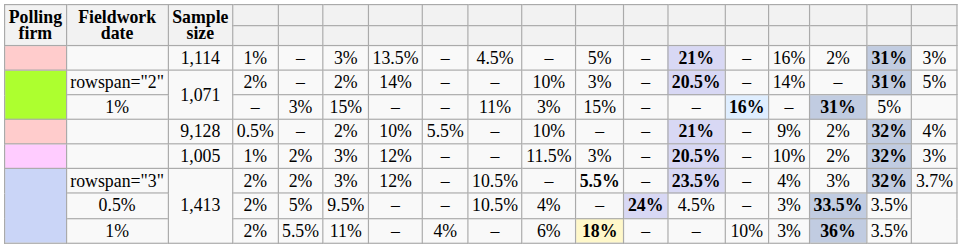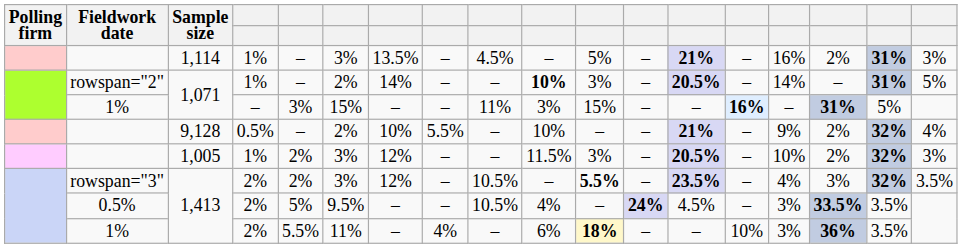 <table class="wikitable sortable" style="text-align:center;font-size:95%;line-height:14px;">
 <tr>
 <th rowspan="2">Polling<br>firm</th>
 <th rowspan="2">Fieldwork<br>date</th>
 <th rowspan="2">Sample<br>size</th>
 <th></th>
 <th></th>
 <th></th>
 <th></th>
 <th></th>
 <th></th>
 <th></th>
 <th></th>
 <th></th>
 <th></th>
 <th></th>
 <th></th>
 <th></th>
 <th></th>
 <th></th>
 </tr>
 <tr>
 <th style="background:"></th>
 <th style="background:"></th>
 <th style="background:"></th>
 <th style="background:"></th>
 <th style="background:"></th>
 <th style="background:"></th>
 <th style="background:"></th>
 <th style="background:"></th>
 <th style="background:"></th>
 <th style="background:"></th>
 <th style="background:"></th>
 <th style="background:"></th>
 <th style="background:"></th>
 <th style="background:"></th>
 <th style="background:"></th>
 </tr>
 <tr>
 <td style="background:#FFCCCC;"></td>
 <td></td>
 <td>1,114</td>
 <td>1%</td>
 <td>–</td>
 <td>3%</td>
 <td>13.5%</td>
 <td>–</td>
 <td>4.5%</td>
 <td>–</td>
 <td>5%</td>
 <td>–</td>
 <td style="background:#D8D8F4;"><strong>21%</strong></td>
 <td>–</td>
 <td>16%</td>
 <td>2%</td>
 <td style="background:#C1CCE1;"><strong>31%</strong></td>
 <td>3%</td>
 </tr>
 <tr>
 <td rowspan="2" style="background:GreenYellow;"></td>
 <td>rowspan="2" </td>
 <td rowspan="2">1,071</td>
-<td>2%</td>
+<td>1%</td>
 <td>–</td>
 <td>2%</td>
 <td>14%</td>
 <td>–</td>
 <td>–</td>
-<td>10%</td>
+<td><strong>10%</strong></td>
 <td>3%</td>
 <td>–</td>
 <td style="background:#D8D8F4;"><strong>20.5%</strong></td>
 <td>–</td>
 <td>14%</td>
 <td>–</td>
 <td style="background:#C1CCE1;"><strong>31%</strong></td>
 <td>5%</td>
 </tr>
 <tr>
 <td>1%</td>
 <td>–</td>
 <td>3%</td>
 <td>15%</td>
 <td>–</td>
 <td>–</td>
 <td>11%</td>
 <td>3%</td>
 <td>15%</td>
 <td>–</td>
 <td>–</td>
 <td style="background:#DFEEFF;"><strong>16%</strong></td>
 <td>–</td>
 <td style="background:#C1CCE1;"><strong>31%</strong></td>
 <td>5%</td>
 </tr>
 <tr>
 <td style="background:#FFCCCC;"></td>
 <td></td>
 <td>9,128</td>
 <td>0.5%</td>
 <td>–</td>
 <td>2%</td>
 <td>10%</td>
 <td>5.5%</td>
 <td>–</td>
 <td>10%</td>
 <td>–</td>
 <td>–</td>
 <td style="background:#D8D8F4;"><strong>21%</strong></td>
 <td>–</td>
 <td>9%</td>
 <td>2%</td>
 <td style="background:#C1CCE1;"><strong>32%</strong></td>
 <td>4%</td>
 </tr>
 <tr>
 <td style="background:#FFCCFF;"></td>
 <td></td>
 <td>1,005</td>
 <td>1%</td>
 <td>2%</td>
 <td>3%</td>
 <td>12%</td>
 <td>–</td>
 <td>–</td>
 <td>11.5%</td>
 <td>3%</td>
 <td>–</td>
 <td style="background:#D8D8F4;"><strong>20.5%</strong></td>
 <td>–</td>
 <td>10%</td>
 <td>2%</td>
 <td style="background:#C1CCE1;"><strong>32%</strong></td>
 <td>3%</td>
 </tr>
 <tr>
 <td rowspan="3" style="background:#CAD5F7;"></td>
 <td>rowspan="3" </td>
 <td rowspan="3">1,413</td>
 <td>2%</td>
 <td>2%</td>
 <td>3%</td>
 <td>12%</td>
 <td>–</td>
 <td>10.5%</td>
 <td>–</td>
 <td><strong>5.5%</strong></td>
 <td>–</td>
 <td style="background:#D8D8F4;"><strong>23.5%</strong></td>
 <td>–</td>
 <td>4%</td>
 <td>3%</td>
 <td style="background:#C1CCE1;"><strong>32%</strong></td>
-<td>3.7%</td>
+<td>3.5%</td>
 </tr>
 <tr>
 <td>0.5%</td>
 <td>2%</td>
 <td>5%</td>
 <td>9.5%</td>
 <td>–</td>
 <td>–</td>
 <td>10.5%</td>
 <td>4%</td>
 <td>–</td>
 <td style="background:#D8D8F4;"><strong>24%</strong></td>
 <td>4.5%</td>
 <td>–</td>
 <td>3%</td>
 <td style="background:#C1CCE1;"><strong>33.5%</strong></td>
 <td>3.5%</td>
 </tr>
 <tr>
 <td>1%</td>
 <td>2%</td>
 <td>5.5%</td>
 <td>11%</td>
 <td>–</td>
 <td>4%</td>
 <td>–</td>
 <td>6%</td>
 <td style="background:#FFF8CA;"><strong>18%</strong></td>
 <td>–</td>
 <td>–</td>
 <td>10%</td>
 <td>3%</td>
 <td style="background:#C1CCE1;"><strong>36%</strong></td>
 <td>3.5%</td>
 </tr>
 </table>
